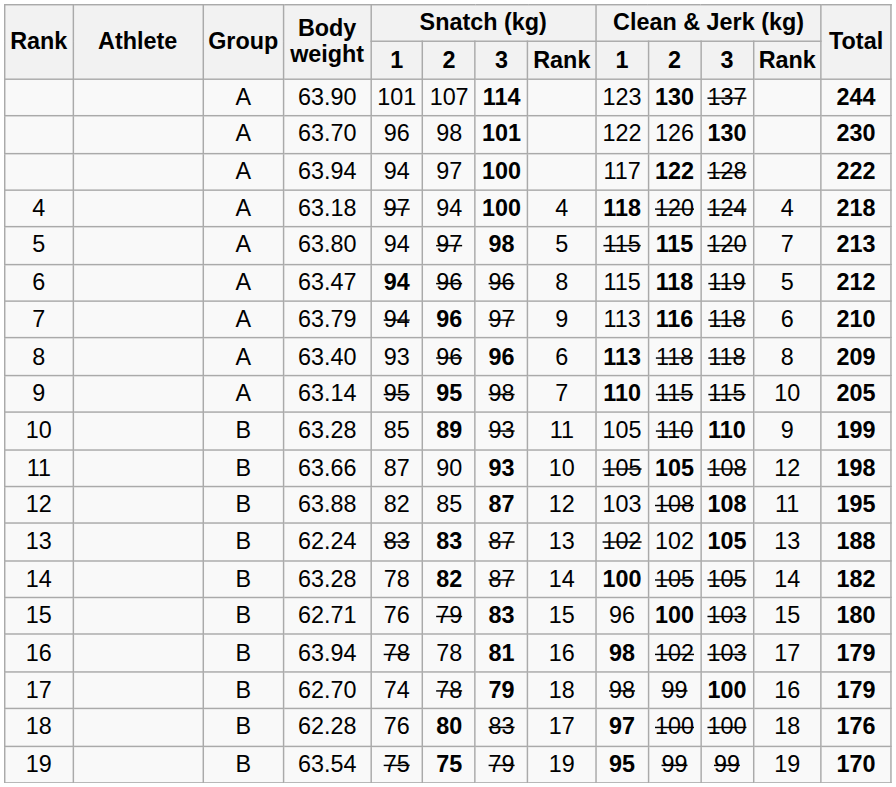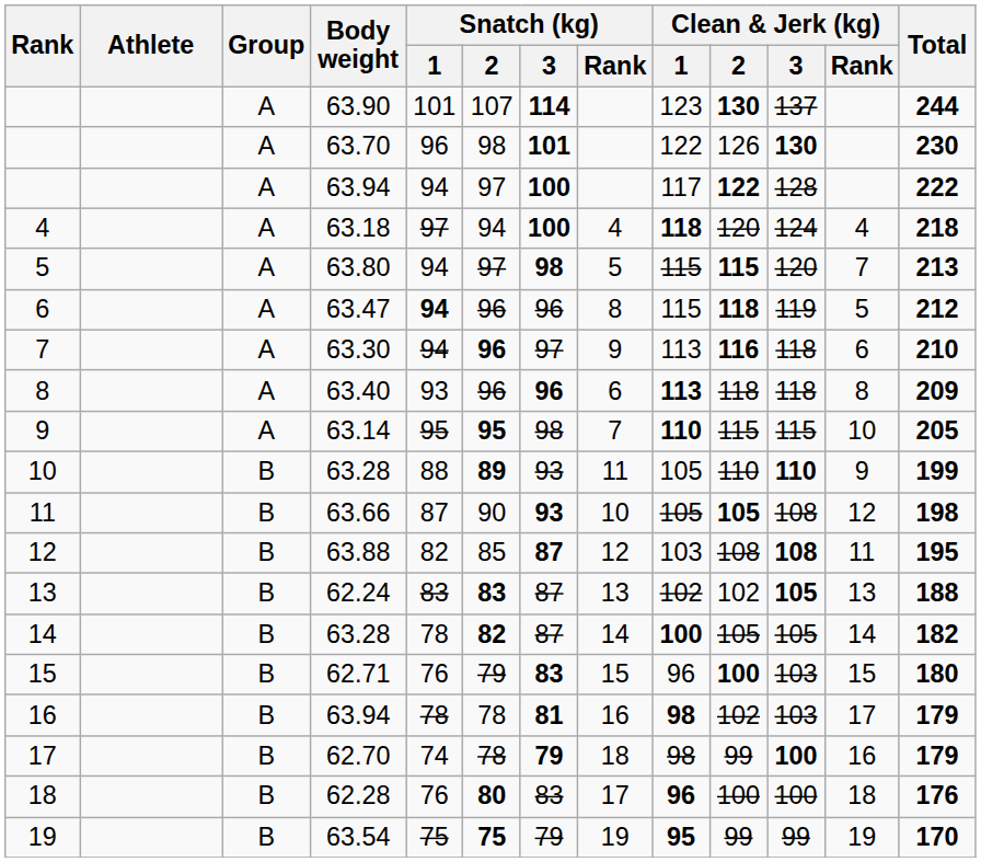 <table class = "wikitable" style="text-align:center;">
 <tr>
 <th rowspan=2 width=40>Rank</th>
 <th rowspan=2 width=250>Athlete</th>
 <th rowspan=2 width=50>Group</th>
 <th rowspan=2 width=60>Body weight</th>
 <th colspan=4>Snatch (kg)</th>
 <th colspan=4>Clean & Jerk (kg)</th>
 <th rowspan=2 width=60>Total</th>
 </tr>
 <tr>
 <th width=40>1</th>
 <th width=40>2</th>
 <th width=40>3</th>
 <th width=40>Rank</th>
 <th width=40>1</th>
 <th width=40>2</th>
 <th width=40>3</th>
 <th width=40>Rank</th>
 </tr>
 <tr>
 <td></td>
 <td align=left></td>
 <td>A</td>
 <td>63.90</td>
 <td>101</td>
 <td>107</td>
 <td><strong>114</strong></td>
 <td></td>
 <td>123</td>
 <td><strong>130</strong></td>
 <td><s>137</s></td>
 <td></td>
 <td><strong>244</strong></td>
 </tr>
 <tr>
 <td></td>
 <td align=left></td>
 <td>A</td>
 <td>63.70</td>
 <td>96</td>
 <td>98</td>
 <td><strong>101</strong></td>
 <td></td>
 <td>122</td>
 <td>126</td>
 <td><strong>130</strong></td>
 <td></td>
 <td><strong>230</strong></td>
 </tr>
 <tr>
 <td></td>
 <td align=left></td>
 <td>A</td>
 <td>63.94</td>
 <td>94</td>
 <td>97</td>
 <td><strong>100</strong></td>
 <td></td>
 <td>117</td>
 <td><strong>122</strong></td>
 <td><s>128</s></td>
 <td></td>
 <td><strong>222</strong></td>
 </tr>
 <tr>
 <td>4</td>
 <td align=left></td>
 <td>A</td>
 <td>63.18</td>
 <td><s>97</s></td>
 <td>94</td>
 <td><strong>100</strong></td>
 <td>4</td>
 <td><strong>118</strong></td>
 <td><s>120</s></td>
 <td><s>124</s></td>
 <td>4</td>
 <td><strong>218</strong></td>
 </tr>
 <tr>
 <td>5</td>
 <td align=left></td>
 <td>A</td>
 <td>63.80</td>
 <td>94</td>
 <td><s>97</s></td>
 <td><strong>98</strong></td>
 <td>5</td>
 <td><s>115</s></td>
 <td><strong>115</strong></td>
 <td><s>120</s></td>
 <td>7</td>
 <td><strong>213</strong></td>
 </tr>
 <tr>
 <td>6</td>
 <td align=left></td>
 <td>A</td>
 <td>63.47</td>
 <td><strong>94</strong></td>
 <td><s>96</s></td>
 <td><s>96</s></td>
 <td>8</td>
 <td>115</td>
 <td><strong>118</strong></td>
 <td><s>119</s></td>
 <td>5</td>
 <td><strong>212</strong></td>
 </tr>
 <tr>
 <td>7</td>
 <td align=left></td>
 <td>A</td>
-<td>63.79</td>
+<td>63.30</td>
 <td><s>94</s></td>
 <td><strong>96</strong></td>
 <td><s>97</s></td>
 <td>9</td>
 <td>113</td>
 <td><strong>116</strong></td>
 <td><s>118</s></td>
 <td>6</td>
 <td><strong>210</strong></td>
 </tr>
 <tr>
 <td>8</td>
 <td align=left></td>
 <td>A</td>
 <td>63.40</td>
 <td>93</td>
 <td><s>96</s></td>
 <td><strong>96</strong></td>
 <td>6</td>
 <td><strong>113</strong></td>
 <td><s>118</s></td>
 <td><s>118</s></td>
 <td>8</td>
 <td><strong>209</strong></td>
 </tr>
 <tr>
 <td>9</td>
 <td align=left></td>
 <td>A</td>
 <td>63.14</td>
 <td><s>95</s></td>
 <td><strong>95</strong></td>
 <td><s>98</s></td>
 <td>7</td>
 <td><strong>110</strong></td>
 <td><s>115</s></td>
 <td><s>115</s></td>
 <td>10</td>
 <td><strong>205</strong></td>
 </tr>
 <tr>
 <td>10</td>
 <td align=left></td>
 <td>B</td>
 <td>63.28</td>
-<td>85</td>
+<td>88</td>
 <td><strong>89</strong></td>
 <td><s>93</s></td>
 <td>11</td>
 <td>105</td>
 <td><s>110</s></td>
 <td><strong>110</strong></td>
 <td>9</td>
 <td><strong>199</strong></td>
 </tr>
 <tr>
 <td>11</td>
 <td align=left></td>
 <td>B</td>
 <td>63.66</td>
 <td>87</td>
 <td>90</td>
 <td><strong>93</strong></td>
 <td>10</td>
 <td><s>105</s></td>
 <td><strong>105</strong></td>
 <td><s>108</s></td>
 <td>12</td>
 <td><strong>198</strong></td>
 </tr>
 <tr>
 <td>12</td>
 <td align=left></td>
 <td>B</td>
 <td>63.88</td>
 <td>82</td>
 <td>85</td>
 <td><strong>87</strong></td>
 <td>12</td>
 <td>103</td>
 <td><s>108</s></td>
 <td><strong>108</strong></td>
 <td>11</td>
 <td><strong>195</strong></td>
 </tr>
 <tr>
 <td>13</td>
 <td align=left></td>
 <td>B</td>
 <td>62.24</td>
 <td><s>83</s></td>
 <td><strong>83</strong></td>
 <td><s>87</s></td>
 <td>13</td>
 <td><s>102</s></td>
 <td>102</td>
 <td><strong>105</strong></td>
 <td>13</td>
 <td><strong>188</strong></td>
 </tr>
 <tr>
 <td>14</td>
 <td align=left></td>
 <td>B</td>
 <td>63.28</td>
 <td>78</td>
 <td><strong>82</strong></td>
 <td><s>87</s></td>
 <td>14</td>
 <td><strong>100</strong></td>
 <td><s>105</s></td>
 <td><s>105</s></td>
 <td>14</td>
 <td><strong>182</strong></td>
 </tr>
 <tr>
 <td>15</td>
 <td align=left></td>
 <td>B</td>
 <td>62.71</td>
 <td>76</td>
 <td><s>79</s></td>
 <td><strong>83</strong></td>
 <td>15</td>
 <td>96</td>
 <td><strong>100</strong></td>
 <td><s>103</s></td>
 <td>15</td>
 <td><strong>180</strong></td>
 </tr>
 <tr>
 <td>16</td>
 <td align=left></td>
 <td>B</td>
 <td>63.94</td>
 <td><s>78</s></td>
 <td>78</td>
 <td><strong>81</strong></td>
 <td>16</td>
 <td><strong>98</strong></td>
 <td><s>102</s></td>
 <td><s>103</s></td>
 <td>17</td>
 <td><strong>179</strong></td>
 </tr>
 <tr>
 <td>17</td>
 <td align=left></td>
 <td>B</td>
 <td>62.70</td>
 <td>74</td>
 <td><s>78</s></td>
 <td><strong>79</strong></td>
 <td>18</td>
 <td><s>98</s></td>
 <td><s>99</s></td>
 <td><strong>100</strong></td>
 <td>16</td>
 <td><strong>179</strong></td>
 </tr>
 <tr>
 <td>18</td>
 <td align=left></td>
 <td>B</td>
 <td>62.28</td>
 <td>76</td>
 <td><strong>80</strong></td>
 <td><s>83</s></td>
 <td>17</td>
-<td><strong>97</strong></td>
+<td><strong>96</strong></td>
 <td><s>100</s></td>
 <td><s>100</s></td>
 <td>18</td>
 <td><strong>176</strong></td>
 </tr>
 <tr>
 <td>19</td>
 <td align=left></td>
 <td>B</td>
 <td>63.54</td>
 <td><s>75</s></td>
 <td><strong>75</strong></td>
 <td><s>79</s></td>
 <td>19</td>
 <td><strong>95</strong></td>
 <td><s>99</s></td>
 <td><s>99</s></td>
 <td>19</td>
 <td><strong>170</strong></td>
 </tr>
 </table>
